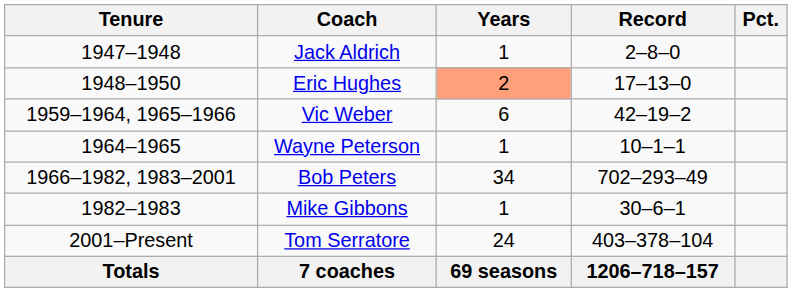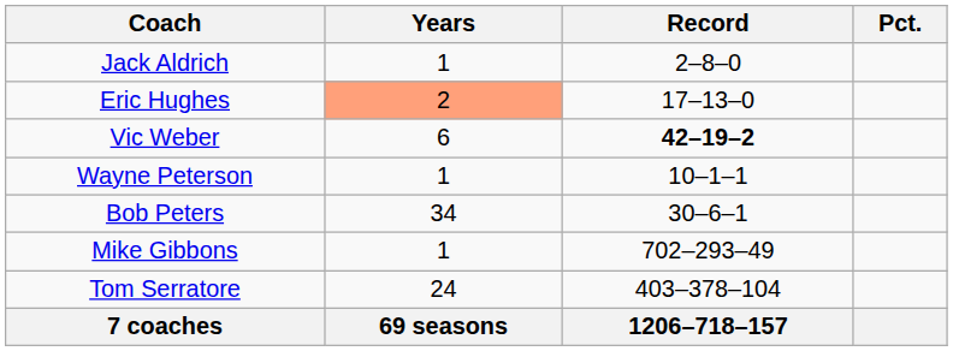 <table class="wikitable" style="text-align:center" width=50%>
 <tr>
-<th>Tenure</th>
 <th>Coach</th>
 <th>Years</th>
 <th>Record</th>
 <th>Pct.</th>
 </tr>
 <tr align="center">
-<td>1947–1948</td>
 <td><a href='#'>Jack Aldrich</a></td>
 <td>1</td>
 <td>2–8–0</td>
 <td></td>
 </tr>
 <tr align="center">
-<td>1948–1950</td>
 <td><a href='#'>Eric Hughes</a></td>
 <td style="background: lightsalmon;">2</td>
 <td>17–13–0</td>
 <td></td>
 </tr>
 <tr align="center">
-<td>1959–1964, 1965–1966</td>
 <td><a href='#'>Vic Weber</a></td>
 <td>6</td>
-<td>42–19–2</td>
+<td><strong>42–19–2</strong></td>
 <td></td>
 </tr>
 <tr align="center">
-<td>1964–1965</td>
 <td><a href='#'>Wayne Peterson</a></td>
 <td>1</td>
 <td>10–1–1</td>
 <td></td>
 </tr>
 <tr align="center">
-<td>1966–1982, 1983–2001</td>
 <td><a href='#'>Bob Peters</a></td>
 <td>34</td>
+<td>30–6–1</td>
+<td></td>
+</tr>
+<tr align="center">
+<td><a href='#'>Mike Gibbons</a></td>
+<td>1</td>
 <td>702–293–49</td>
 <td></td>
 </tr>
 <tr align="center">
-<td>1982–1983</td>
-<td><a href='#'>Mike Gibbons</a></td>
-<td>1</td>
-<td>30–6–1</td>
-<td></td>
-</tr>
-<tr align="center">
-<td>2001–Present</td>
 <td><a href='#'>Tom Serratore</a></td>
 <td>24</td>
 <td>403–378–104</td>
 <td></td>
 </tr>
 <tr align="center">
-<th>Totals</th>
 <th>7 coaches</th>
 <th>69 seasons</th>
 <th>1206–718–157</th>
 <th></th>
 </tr>
 </table>
